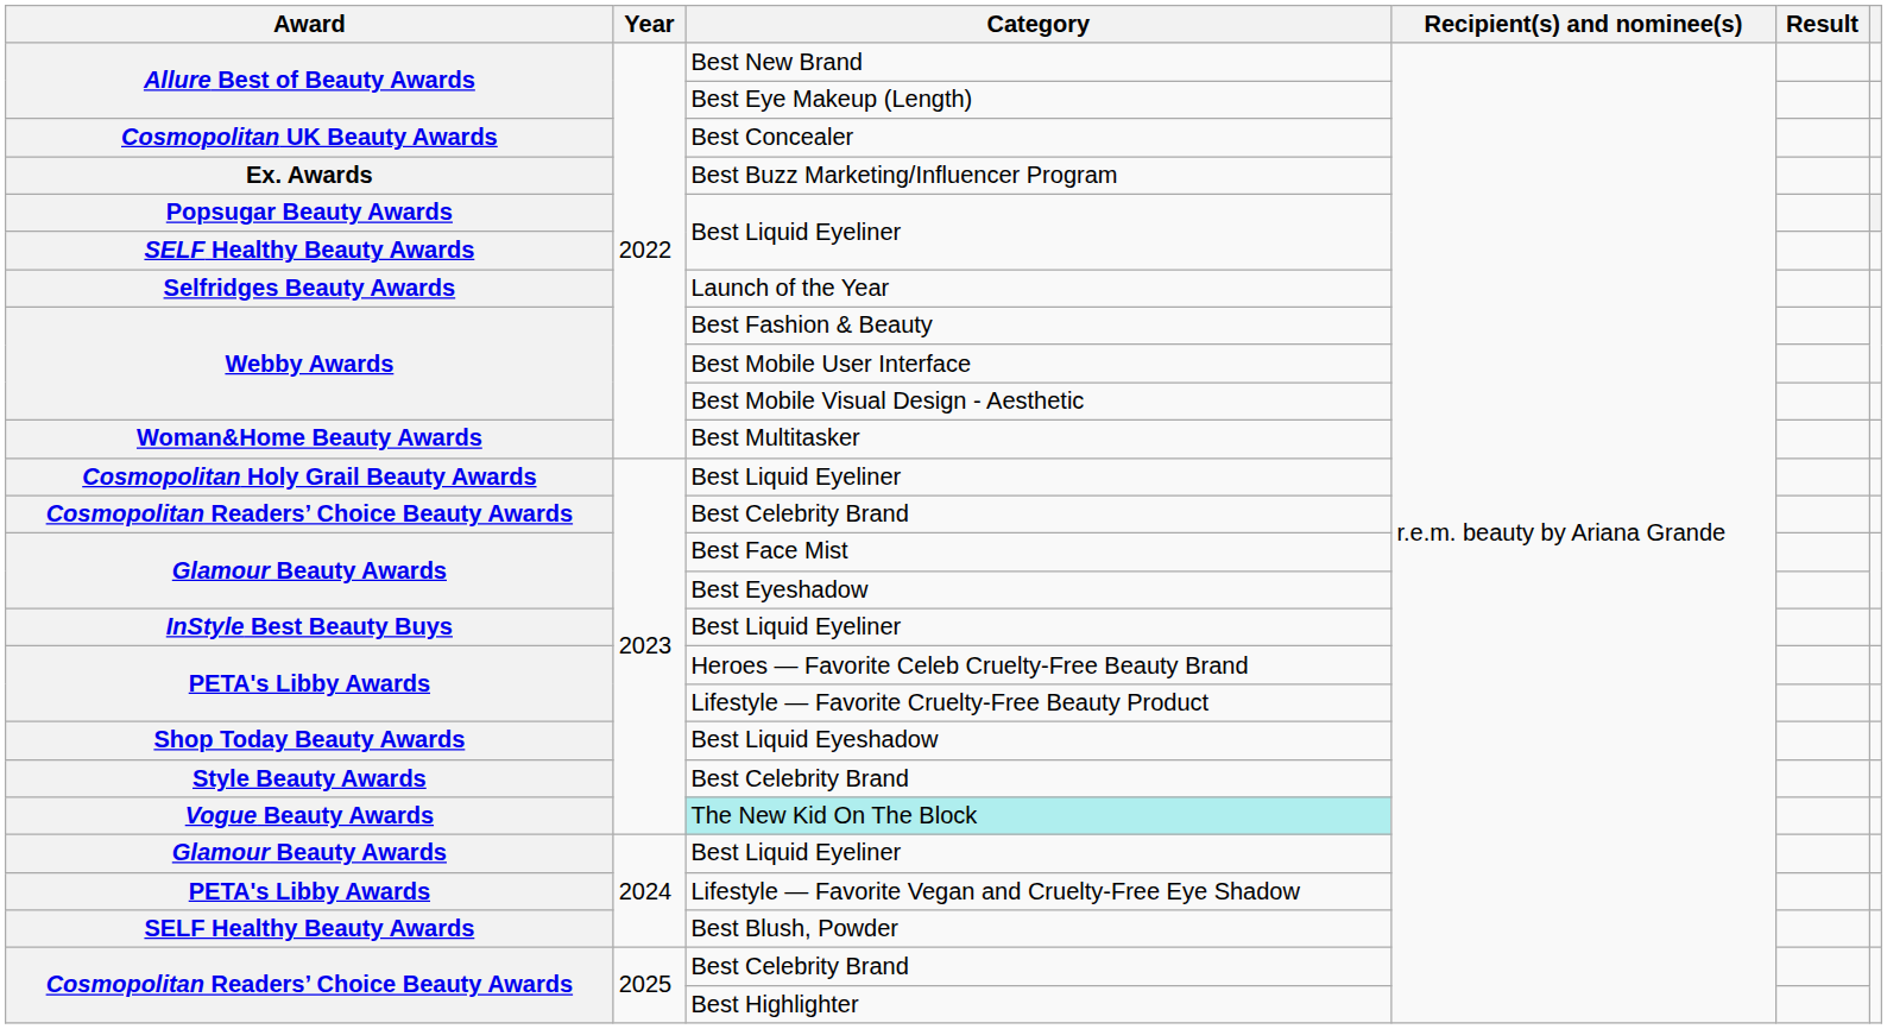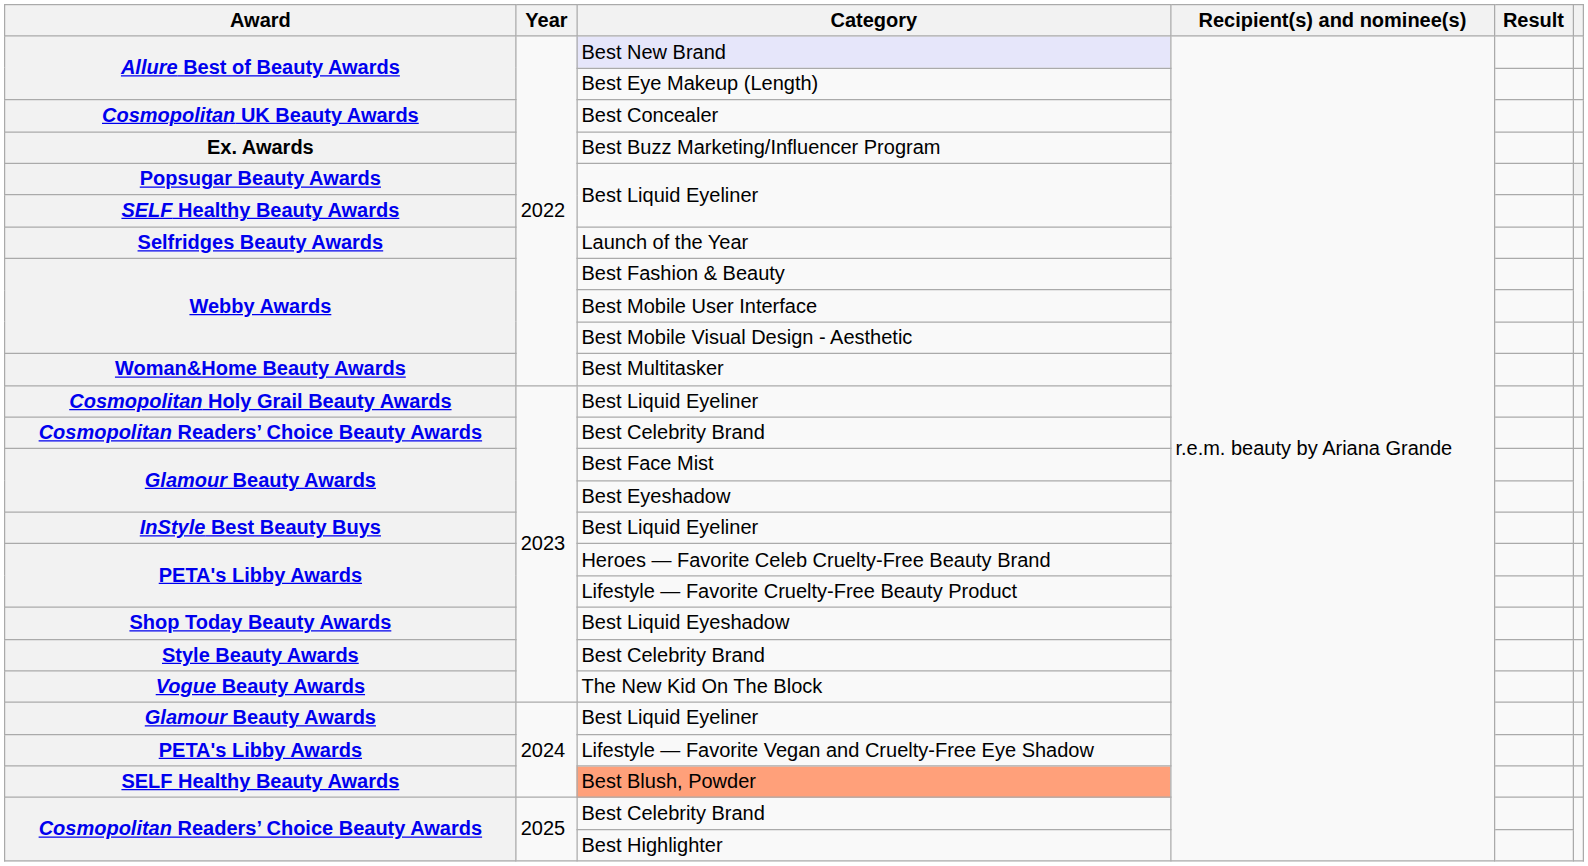 <table class="wikitable sortable plainrowheaders" style="width: 100%;">
 <tr>
 <th scope="col">Award</th>
 <th scope="col">Year</th>
 <th scope="col">Category</th>
 <th scope="col">Recipient(s) and nominee(s)</th>
 <th scope="col" style="width: 5%;">Result</th>
 <th scope="col" class="unsortable"></th>
 </tr>
 <tr>
 <th scope="row" rowspan="2"><a href='#'><em>Allure</em> Best of Beauty Awards</a></th>
 <td rowspan="11">2022</td>
-<td>Best New Brand</td>
+<td style="background: lavender;">Best New Brand</td>
 <td rowspan="26">r.e.m. beauty by Ariana Grande</td>
 <td></td>
 <td style="text-align:center;"></td>
 </tr>
 <tr>
 <td>Best Eye Makeup (Length)</td>
 <td></td>
 <td style="text-align:center;"></td>
 </tr>
 <tr>
 <th scope="row"><a href='#'><em>Cosmopolitan</em> UK Beauty Awards</a></th>
 <td>Best Concealer</td>
 <td></td>
 <td style="text-align:center;"></td>
 </tr>
 <tr>
 <th scope="row">Ex. Awards</th>
 <td>Best Buzz Marketing/Influencer Program</td>
 <td></td>
 <td style="text-align:center;"></td>
 </tr>
 <tr>
 <th scope="row"><a href='#'>Popsugar Beauty Awards</a></th>
 <td rowspan="2">Best Liquid Eyeliner</td>
 <td></td>
 <th style="text-align:center;"></th>
 </tr>
 <tr>
 <th scope="row"><a href='#'><em>SELF</em> Healthy Beauty Awards</a></th>
 <td></td>
 <td style="text-align:center;"></td>
 </tr>
 <tr>
 <th scope="row"><a href='#'>Selfridges Beauty Awards</a></th>
 <td>Launch of the Year</td>
 <td></td>
 <td style="text-align:center;"></td>
 </tr>
 <tr>
 <th scope="row" rowspan="3"><a href='#'>Webby Awards</a></th>
 <td>Best Fashion & Beauty</td>
 <td></td>
 <td rowspan="2" style="text-align:center;"></td>
 </tr>
 <tr>
 <td>Best Mobile User Interface</td>
 <td></td>
 </tr>
 <tr>
 <td>Best Mobile Visual Design - Aesthetic</td>
 <td></td>
 </tr>
 <tr>
 <th scope="row"><a href='#'>Woman&Home Beauty Awards</a></th>
 <td>Best Multitasker</td>
 <td></td>
 <td style="text-align:center;"></td>
 </tr>
 <tr>
 <th scope="row"><a href='#'><em>Cosmopolitan</em> Holy Grail Beauty Awards</a></th>
 <td rowspan="10">2023</td>
 <td>Best Liquid Eyeliner</td>
 <td></td>
 <td style="text-align:center;"></td>
 </tr>
 <tr>
 <th scope="row"><a href='#'><em>Cosmopolitan</em> Readers’ Choice Beauty Awards</a></th>
 <td>Best Celebrity Brand</td>
 <td></td>
 <td style="text-align:center;"></td>
 </tr>
 <tr>
 <th scope="row" rowspan="2"><a href='#'><em>Glamour</em> Beauty Awards</a></th>
 <td>Best Face Mist</td>
 <td></td>
 <td style="text-align:center;" rowspan="2"></td>
 </tr>
 <tr>
 <td>Best Eyeshadow</td>
 <td></td>
 </tr>
 <tr>
 <th scope="row"><a href='#'><em>InStyle</em> Best Beauty Buys</a></th>
 <td>Best Liquid Eyeliner</td>
 <td></td>
 <td style="text-align:center;"></td>
 </tr>
 <tr>
 <th scope="row" rowspan="2"><a href='#'>PETA's Libby Awards</a></th>
 <td>Heroes — Favorite Celeb Cruelty-Free Beauty Brand</td>
 <td></td>
 <td style="text-align:center;"></td>
 </tr>
 <tr>
 <td>Lifestyle — Favorite Cruelty-Free Beauty Product</td>
 <td></td>
 <td style="text-align:center;"></td>
 </tr>
 <tr>
 <th scope="row"><a href='#'>Shop Today Beauty Awards</a></th>
 <td>Best Liquid Eyeshadow</td>
 <td></td>
 <td style="text-align: center;"></td>
 </tr>
 <tr>
 <th scope="row"><a href='#'>Style Beauty Awards</a></th>
 <td>Best Celebrity Brand</td>
 <td></td>
 <td style="text-align:center;"></td>
 </tr>
 <tr>
 <th scope="row"><a href='#'><em>Vogue</em> Beauty Awards</a></th>
-<td style="background: paleturquoise;">The New Kid On The Block</td>
+<td>The New Kid On The Block</td>
 <td></td>
 <td style="text-align:center;"></td>
 </tr>
 <tr>
 <th scope="row"><a href='#'><em>Glamour</em> Beauty Awards</a></th>
 <td rowspan="3">2024</td>
 <td>Best Liquid Eyeliner</td>
 <td></td>
 <td style="text-align:center;"></td>
 </tr>
 <tr>
 <th scope="row"><a href='#'>PETA's Libby Awards</a></th>
 <td>Lifestyle — Favorite Vegan and Cruelty-Free Eye Shadow </td>
 <td></td>
 <td style="text-align:center;"></td>
 </tr>
 <tr>
 <th scope="row"><a href='#'>SELF Healthy Beauty Awards</a></th>
-<td>Best Blush, Powder</td>
+<td style="background: lightsalmon;">Best Blush, Powder</td>
 <td></td>
 <td style="text-align:center;"></td>
 </tr>
 <tr>
 <th rowspan="2" scope="row"><a href='#'><em>Cosmopolitan</em> Readers’ Choice Beauty Awards</a></th>
 <td rowspan="2">2025</td>
 <td>Best Celebrity Brand</td>
 <td></td>
 <td rowspan="2"></td>
 </tr>
 <tr>
 <td>Best Highlighter</td>
 <td></td>
 </tr>
 </table>
